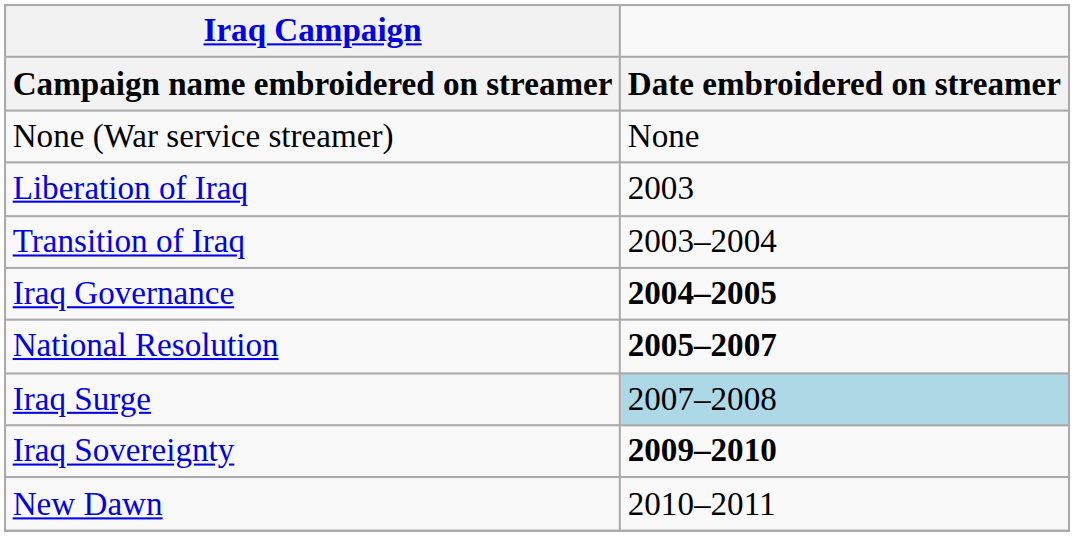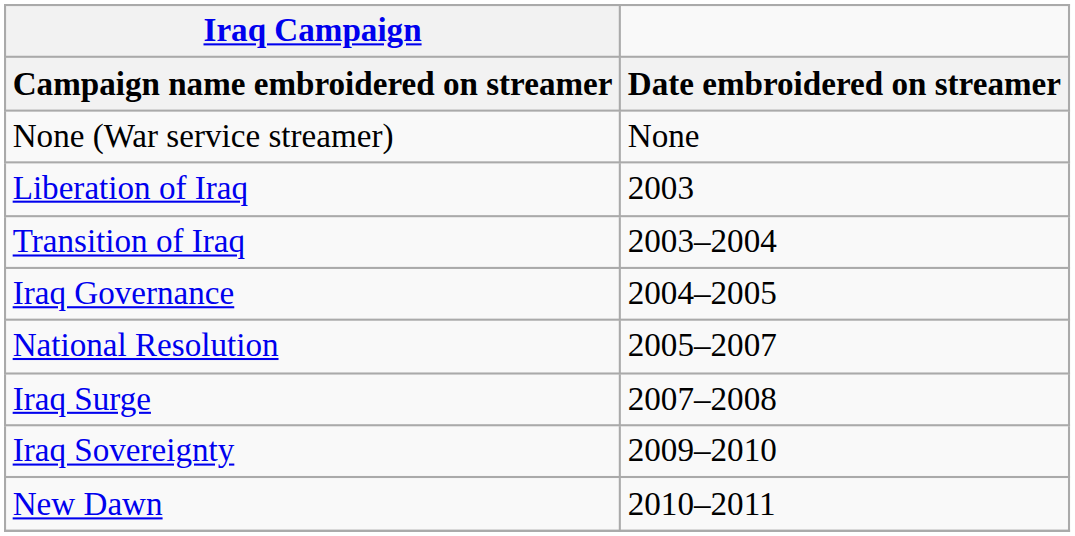 <table class="wikitable">
 <tr>
 <th><a href='#'>Iraq Campaign</a></th>
 <td colspan="2"></td>
 </tr>
 <tr>
 <th>Campaign name embroidered on streamer</th>
 <th>Date embroidered on streamer</th>
 </tr>
 <tr>
 <td>None (War service streamer)</td>
 <td>None</td>
 </tr>
 <tr>
 <td><a href='#'>Liberation of Iraq</a></td>
 <td>2003</td>
 </tr>
 <tr>
 <td><a href='#'>Transition of Iraq</a></td>
 <td>2003–2004</td>
 </tr>
 <tr>
 <td><a href='#'>Iraq Governance</a></td>
-<td><strong>2004–2005</strong></td>
+<td>2004–2005</td>
 </tr>
 <tr>
 <td><a href='#'>National Resolution</a></td>
-<td><strong>2005–2007</strong></td>
+<td>2005–2007</td>
 </tr>
 <tr>
 <td><a href='#'>Iraq Surge</a></td>
-<td style="background: lightblue;">2007–2008</td>
+<td>2007–2008</td>
 </tr>
 <tr>
 <td><a href='#'>Iraq Sovereignty</a></td>
-<td><strong>2009–2010</strong></td>
+<td>2009–2010</td>
 </tr>
 <tr>
 <td><a href='#'>New Dawn</a></td>
 <td>2010–2011</td>
 </tr>
 <tr>
 </tr>
 </table>
